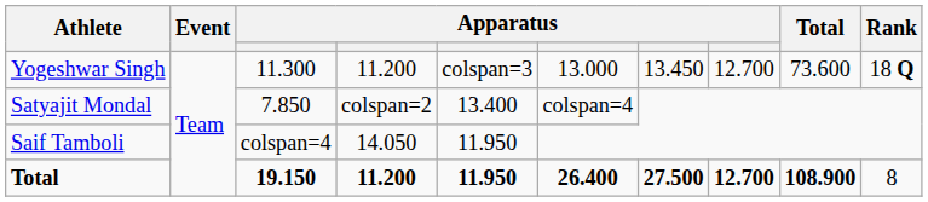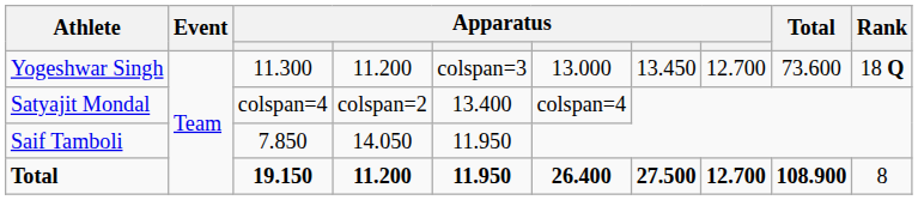 <table class="wikitable" style="font-size:90%;text-align:center;">
 <tr>
 <th rowspan=2>Athlete</th>
 <th rowspan=2>Event</th>
 <th colspan=6>Apparatus</th>
 <th rowspan=2>Total</th>
 <th rowspan=2>Rank</th>
 </tr>
 <tr style=font-size:95%>
 <th></th>
 <th></th>
 <th></th>
 <th></th>
 <th></th>
 <th></th>
 </tr>
 <tr>
 <td align=left><a href='#'>Yogeshwar Singh</a></td>
 <td align=left rowspan=4><a href='#'>Team</a></td>
 <td>11.300</td>
 <td>11.200</td>
 <td>colspan=3 </td>
 <td>13.000</td>
 <td>13.450</td>
 <td>12.700</td>
 <td>73.600</td>
 <td>18 <strong>Q</strong></td>
 </tr>
 <tr>
 <td align=left><a href='#'>Satyajit Mondal</a></td>
-<td>7.850</td>
+<td>colspan=4 </td>
 <td>colspan=2 </td>
 <td>13.400</td>
 <td>colspan=4 </td>
 </tr>
 <tr>
 <td align=left><a href='#'>Saif Tamboli</a></td>
-<td>colspan=4 </td>
+<td>7.850</td>
 <td>14.050</td>
 <td>11.950</td>
 </tr>
 <tr>
 <td align=left><strong>Total</strong></td>
 <td><strong>19.150</strong></td>
 <td><strong>11.200</strong></td>
 <td><strong>11.950</strong></td>
 <td><strong>26.400</strong></td>
 <td><strong>27.500</strong></td>
 <td><strong>12.700</strong></td>
 <td><strong>108.900</strong></td>
 <td>8</td>
 </tr>
 </table>
